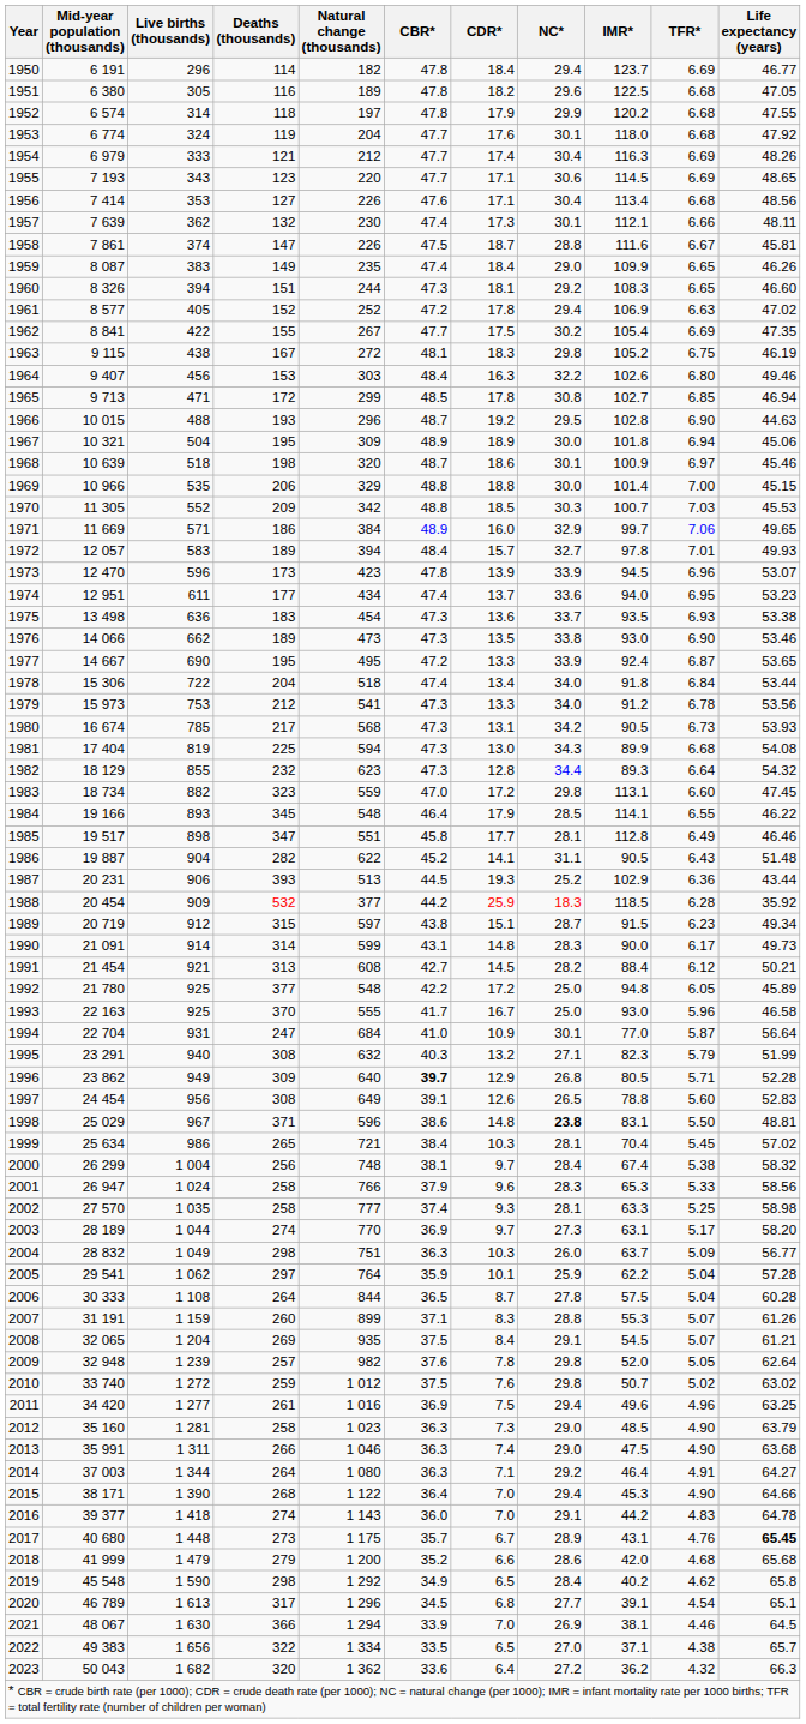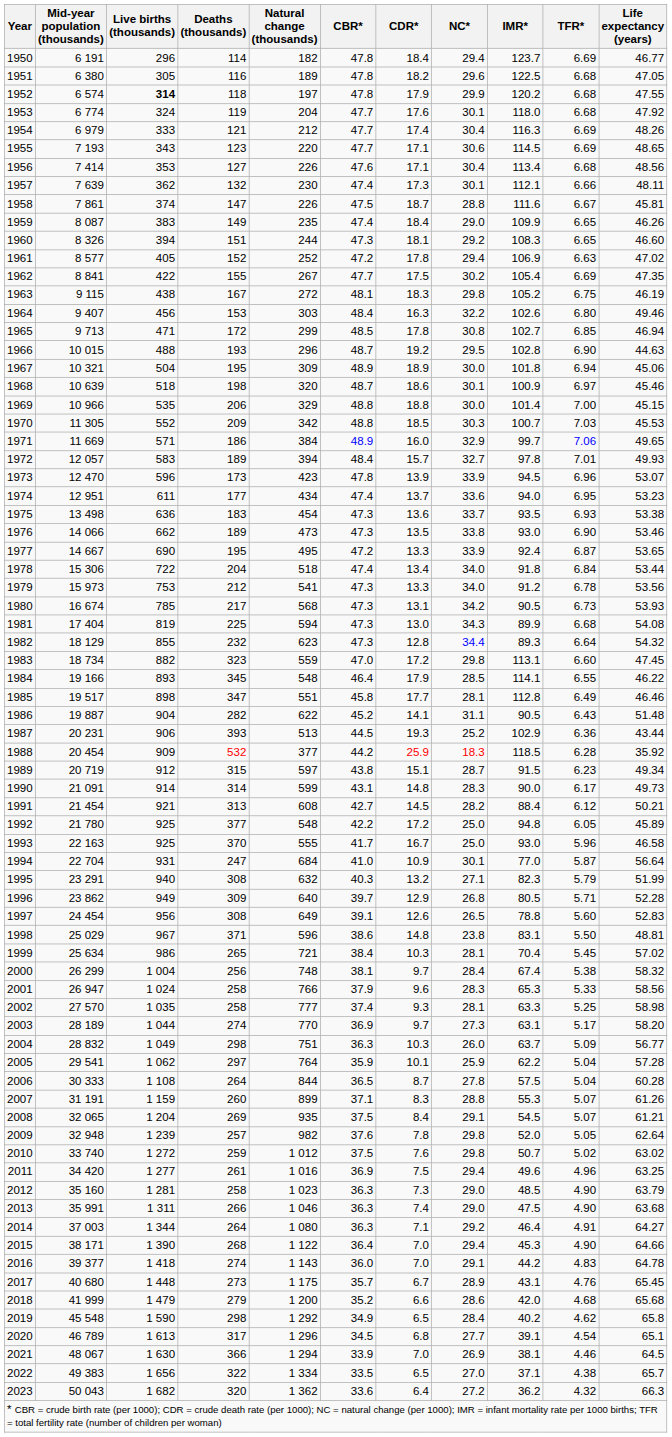 <table class="wikitable sortable" style="text-align: right;">
 <tr>
 <th width="20pt">Year</th>
 <th width="70pt">Mid-year population (thousands)</th>
 <th width="70pt">Live births (thousands)</th>
 <th width="70pt">Deaths (thousands)</th>
 <th width="70pt">Natural change (thousands)</th>
 <th width="70pt">CBR*</th>
 <th width="70pt">CDR*</th>
 <th width="70pt">NC*</th>
 <th width="70pt">IMR*</th>
 <th width="70pt">TFR*</th>
 <th width="70pt">Life expectancy (years)</th>
 </tr>
 <tr>
 <td>1950</td>
 <td>6 191</td>
 <td>   296</td>
 <td>   114</td>
 <td>   182</td>
 <td>47.8</td>
 <td>18.4</td>
 <td>29.4</td>
 <td>123.7</td>
 <td>6.69</td>
 <td>46.77</td>
 </tr>
 <tr>
 <td>1951</td>
 <td>  6 380</td>
 <td>  305</td>
 <td>  116</td>
 <td>  189</td>
 <td>47.8</td>
 <td>18.2</td>
 <td>29.6</td>
 <td>122.5</td>
 <td>6.68</td>
 <td>47.05</td>
 </tr>
 <tr>
 <td>1952</td>
 <td>  6 574</td>
-<td>  314</td>
+<td><strong>  314</strong></td>
 <td>  118</td>
 <td>  197</td>
 <td>47.8</td>
 <td>17.9</td>
 <td>29.9</td>
 <td>120.2</td>
 <td>6.68</td>
 <td>47.55</td>
 </tr>
 <tr>
 <td>1953</td>
 <td>  6 774</td>
 <td>  324</td>
 <td>  119</td>
 <td>  204</td>
 <td>47.7</td>
 <td>17.6</td>
 <td>30.1</td>
 <td>118.0</td>
 <td>6.68</td>
 <td>47.92</td>
 </tr>
 <tr>
 <td>1954</td>
 <td>  6 979</td>
 <td>  333</td>
 <td>  121</td>
 <td>  212</td>
 <td>47.7</td>
 <td>17.4</td>
 <td>30.4</td>
 <td>116.3</td>
 <td>6.69</td>
 <td>48.26</td>
 </tr>
 <tr>
 <td>1955</td>
 <td>  7 193</td>
 <td>  343</td>
 <td>  123</td>
 <td>  220</td>
 <td>47.7</td>
 <td>17.1</td>
 <td>30.6</td>
 <td>114.5</td>
 <td>6.69</td>
 <td>48.65</td>
 </tr>
 <tr>
 <td>1956</td>
 <td>  7 414</td>
 <td>  353</td>
 <td>  127</td>
 <td>  226</td>
 <td>47.6</td>
 <td>17.1</td>
 <td>30.4</td>
 <td>113.4</td>
 <td>6.68</td>
 <td>48.56</td>
 </tr>
 <tr>
 <td>1957</td>
 <td>  7 639</td>
 <td>  362</td>
 <td>  132</td>
 <td>  230</td>
 <td>47.4</td>
 <td>17.3</td>
 <td>30.1</td>
 <td>112.1</td>
 <td>6.66</td>
 <td>48.11</td>
 </tr>
 <tr>
 <td>1958</td>
 <td>  7 861</td>
 <td>  374</td>
 <td>  147</td>
 <td>  226</td>
 <td>47.5</td>
 <td>18.7</td>
 <td>28.8</td>
 <td>111.6</td>
 <td>6.67</td>
 <td>45.81</td>
 </tr>
 <tr>
 <td>1959</td>
 <td>  8 087</td>
 <td>  383</td>
 <td>  149</td>
 <td>  235</td>
 <td>47.4</td>
 <td>18.4</td>
 <td>29.0</td>
 <td>109.9</td>
 <td>6.65</td>
 <td>46.26</td>
 </tr>
 <tr>
 <td>1960</td>
 <td>  8 326</td>
 <td>  394</td>
 <td>  151</td>
 <td>  244</td>
 <td>47.3</td>
 <td>18.1</td>
 <td>29.2</td>
 <td>108.3</td>
 <td>6.65</td>
 <td>46.60</td>
 </tr>
 <tr>
 <td>1961</td>
 <td>  8 577</td>
 <td>  405</td>
 <td>  152</td>
 <td>  252</td>
 <td>47.2</td>
 <td>17.8</td>
 <td>29.4</td>
 <td>106.9</td>
 <td>6.63</td>
 <td>47.02</td>
 </tr>
 <tr>
 <td>1962</td>
 <td>  8 841</td>
 <td>  422</td>
 <td>  155</td>
 <td>  267</td>
 <td>47.7</td>
 <td>17.5</td>
 <td>30.2</td>
 <td>105.4</td>
 <td>6.69</td>
 <td>47.35</td>
 </tr>
 <tr>
 <td>1963</td>
 <td>  9 115</td>
 <td>  438</td>
 <td>  167</td>
 <td>  272</td>
 <td>48.1</td>
 <td>18.3</td>
 <td>29.8</td>
 <td>105.2</td>
 <td>6.75</td>
 <td>46.19</td>
 </tr>
 <tr>
 <td>1964</td>
 <td>  9 407</td>
 <td>  456</td>
 <td>  153</td>
 <td>  303</td>
 <td>48.4</td>
 <td>16.3</td>
 <td>32.2</td>
 <td>102.6</td>
 <td>6.80</td>
 <td>49.46</td>
 </tr>
 <tr>
 <td>1965</td>
 <td>  9 713</td>
 <td>  471</td>
 <td>  172</td>
 <td>  299</td>
 <td>48.5</td>
 <td>17.8</td>
 <td>30.8</td>
 <td>102.7</td>
 <td>6.85</td>
 <td>46.94</td>
 </tr>
 <tr>
 <td>1966</td>
 <td>  10 015</td>
 <td>  488</td>
 <td>  193</td>
 <td>  296</td>
 <td>48.7</td>
 <td>19.2</td>
 <td>29.5</td>
 <td>102.8</td>
 <td>6.90</td>
 <td>44.63</td>
 </tr>
 <tr>
 <td>1967</td>
 <td>  10 321</td>
 <td>  504</td>
 <td>  195</td>
 <td>  309</td>
 <td>48.9</td>
 <td>18.9</td>
 <td>30.0</td>
 <td>101.8</td>
 <td>6.94</td>
 <td>45.06</td>
 </tr>
 <tr>
 <td>1968</td>
 <td>  10 639</td>
 <td>  518</td>
 <td>  198</td>
 <td>  320</td>
 <td>48.7</td>
 <td>18.6</td>
 <td>30.1</td>
 <td>100.9</td>
 <td>6.97</td>
 <td>45.46</td>
 </tr>
 <tr>
 <td>1969</td>
 <td>  10 966</td>
 <td>  535</td>
 <td>  206</td>
 <td>  329</td>
 <td>48.8</td>
 <td>18.8</td>
 <td>30.0</td>
 <td>101.4</td>
 <td>7.00</td>
 <td>45.15</td>
 </tr>
 <tr>
 <td>1970</td>
 <td>  11 305</td>
 <td>  552</td>
 <td>  209</td>
 <td>  342</td>
 <td>48.8</td>
 <td>18.5</td>
 <td>30.3</td>
 <td>100.7</td>
 <td>7.03</td>
 <td>45.53</td>
 </tr>
 <tr>
 <td>1971</td>
 <td>  11 669</td>
 <td>  571</td>
 <td>  186</td>
 <td>  384</td>
 <td style="color: blue">48.9</td>
 <td>16.0</td>
 <td>32.9</td>
 <td>99.7</td>
 <td style="color: blue">7.06</td>
 <td>49.65</td>
 </tr>
 <tr>
 <td>1972</td>
 <td>  12 057</td>
 <td>  583</td>
 <td>  189</td>
 <td>  394</td>
 <td>48.4</td>
 <td>15.7</td>
 <td>32.7</td>
 <td>97.8</td>
 <td>7.01</td>
 <td>49.93</td>
 </tr>
 <tr>
 <td>1973</td>
 <td>  12 470</td>
 <td>  596</td>
 <td>  173</td>
 <td>  423</td>
 <td>47.8</td>
 <td>13.9</td>
 <td>33.9</td>
 <td>94.5</td>
 <td>6.96</td>
 <td>53.07</td>
 </tr>
 <tr>
 <td>1974</td>
 <td>  12 951</td>
 <td>  611</td>
 <td>  177</td>
 <td>  434</td>
 <td>47.4</td>
 <td>13.7</td>
 <td>33.6</td>
 <td>94.0</td>
 <td>6.95</td>
 <td>53.23</td>
 </tr>
 <tr>
 <td>1975</td>
 <td>  13 498</td>
 <td>  636</td>
 <td>  183</td>
 <td>  454</td>
 <td>47.3</td>
 <td>13.6</td>
 <td>33.7</td>
 <td>93.5</td>
 <td>6.93</td>
 <td>53.38</td>
 </tr>
 <tr>
 <td>1976</td>
 <td>  14 066</td>
 <td>  662</td>
 <td>  189</td>
 <td>  473</td>
 <td>47.3</td>
 <td>13.5</td>
 <td>33.8</td>
 <td>93.0</td>
 <td>6.90</td>
 <td>53.46</td>
 </tr>
 <tr>
 <td>1977</td>
 <td>  14 667</td>
 <td>  690</td>
 <td>  195</td>
 <td>  495</td>
 <td>47.2</td>
 <td>13.3</td>
 <td>33.9</td>
 <td>92.4</td>
 <td>6.87</td>
 <td>53.65</td>
 </tr>
 <tr>
 <td>1978</td>
 <td>  15 306</td>
 <td>  722</td>
 <td>  204</td>
 <td>  518</td>
 <td>47.4</td>
 <td>13.4</td>
 <td>34.0</td>
 <td>91.8</td>
 <td>6.84</td>
 <td>53.44</td>
 </tr>
 <tr>
 <td>1979</td>
 <td>  15 973</td>
 <td>  753</td>
 <td>  212</td>
 <td>  541</td>
 <td>47.3</td>
 <td>13.3</td>
 <td>34.0</td>
 <td>91.2</td>
 <td>6.78</td>
 <td>53.56</td>
 </tr>
 <tr>
 <td>1980</td>
 <td>  16 674</td>
 <td>  785</td>
 <td>  217</td>
 <td>  568</td>
 <td>47.3</td>
 <td>13.1</td>
 <td>34.2</td>
 <td>90.5</td>
 <td>6.73</td>
 <td>53.93</td>
 </tr>
 <tr>
 <td>1981</td>
 <td>  17 404</td>
 <td>  819</td>
 <td>  225</td>
 <td>  594</td>
 <td>47.3</td>
 <td>13.0</td>
 <td>34.3</td>
 <td>89.9</td>
 <td>6.68</td>
 <td>54.08</td>
 </tr>
 <tr>
 <td>1982</td>
 <td>  18 129</td>
 <td>  855</td>
 <td>  232</td>
 <td>  623</td>
 <td>47.3</td>
 <td>12.8</td>
 <td style="color: blue">34.4</td>
 <td>89.3</td>
 <td>6.64</td>
 <td>54.32</td>
 </tr>
 <tr>
 <td>1983</td>
 <td>  18 734</td>
 <td>  882</td>
 <td>  323</td>
 <td>  559</td>
 <td>47.0</td>
 <td>17.2</td>
 <td>29.8</td>
 <td>113.1</td>
 <td>6.60</td>
 <td>47.45</td>
 </tr>
 <tr>
 <td>1984</td>
 <td>  19 166</td>
 <td>  893</td>
 <td>  345</td>
 <td>  548</td>
 <td>46.4</td>
 <td>17.9</td>
 <td>28.5</td>
 <td>114.1</td>
 <td>6.55</td>
 <td>46.22</td>
 </tr>
 <tr>
 <td>1985</td>
 <td>  19 517</td>
 <td>  898</td>
 <td>  347</td>
 <td>  551</td>
 <td>45.8</td>
 <td>17.7</td>
 <td>28.1</td>
 <td>112.8</td>
 <td>6.49</td>
 <td>46.46</td>
 </tr>
 <tr>
 <td>1986</td>
 <td>  19 887</td>
 <td>  904</td>
 <td>  282</td>
 <td>  622</td>
 <td>45.2</td>
 <td>14.1</td>
 <td>31.1</td>
 <td>90.5</td>
 <td>6.43</td>
 <td>51.48</td>
 </tr>
 <tr>
 <td>1987</td>
 <td>  20 231</td>
 <td>  906</td>
 <td>  393</td>
 <td>  513</td>
 <td>44.5</td>
 <td>19.3</td>
 <td>25.2</td>
 <td>102.9</td>
 <td>6.36</td>
 <td>43.44</td>
 </tr>
 <tr>
 <td>1988</td>
 <td>  20 454</td>
 <td>  909</td>
 <td style="color:red;">  532</td>
 <td>  377</td>
 <td>44.2</td>
 <td style="color: red">25.9</td>
 <td style="color: red">18.3</td>
 <td>118.5</td>
 <td>6.28</td>
 <td>35.92</td>
 </tr>
 <tr>
 <td>1989</td>
 <td>  20 719</td>
 <td>  912</td>
 <td>  315</td>
 <td>  597</td>
 <td>43.8</td>
 <td>15.1</td>
 <td>28.7</td>
 <td>91.5</td>
 <td>6.23</td>
 <td>49.34</td>
 </tr>
 <tr>
 <td>1990</td>
 <td>  21 091</td>
 <td>  914</td>
 <td>  314</td>
 <td>  599</td>
 <td>43.1</td>
 <td>14.8</td>
 <td>28.3</td>
 <td>90.0</td>
 <td>6.17</td>
 <td>49.73</td>
 </tr>
 <tr>
 <td>1991</td>
 <td>  21 454</td>
 <td>  921</td>
 <td>  313</td>
 <td>  608</td>
 <td>42.7</td>
 <td>14.5</td>
 <td>28.2</td>
 <td>88.4</td>
 <td>6.12</td>
 <td>50.21</td>
 </tr>
 <tr>
 <td>1992</td>
 <td>  21 780</td>
 <td>  925</td>
 <td>  377</td>
 <td>  548</td>
 <td>42.2</td>
 <td>17.2</td>
 <td>25.0</td>
 <td>94.8</td>
 <td>6.05</td>
 <td>45.89</td>
 </tr>
 <tr>
 <td>1993</td>
 <td>  22 163</td>
 <td>  925</td>
 <td>  370</td>
 <td>  555</td>
 <td>41.7</td>
 <td>16.7</td>
 <td>25.0</td>
 <td>93.0</td>
 <td>5.96</td>
 <td>46.58</td>
 </tr>
 <tr>
 <td>1994</td>
 <td>  22 704</td>
 <td>  931</td>
 <td>  247</td>
 <td>  684</td>
 <td>41.0</td>
 <td>10.9</td>
 <td>30.1</td>
 <td>77.0</td>
 <td>5.87</td>
 <td>56.64</td>
 </tr>
 <tr>
 <td>1995</td>
 <td>  23 291</td>
 <td>  940</td>
 <td>  308</td>
 <td>  632</td>
 <td>40.3</td>
 <td>13.2</td>
 <td>27.1</td>
 <td>82.3</td>
 <td>5.79</td>
 <td>51.99</td>
 </tr>
 <tr>
 <td>1996</td>
 <td>  23 862</td>
 <td>  949</td>
 <td>  309</td>
 <td>  640</td>
-<td><strong>39.7</strong></td>
+<td>39.7</td>
 <td>12.9</td>
 <td>26.8</td>
 <td>80.5</td>
 <td>5.71</td>
 <td>52.28</td>
 </tr>
 <tr>
 <td>1997</td>
 <td>  24 454</td>
 <td>  956</td>
 <td>  308</td>
 <td>  649</td>
 <td>39.1</td>
 <td>12.6</td>
 <td>26.5</td>
 <td>78.8</td>
 <td>5.60</td>
 <td>52.83</td>
 </tr>
 <tr>
 <td>1998</td>
 <td>  25 029</td>
 <td>  967</td>
 <td>  371</td>
 <td>  596</td>
 <td>38.6</td>
 <td>14.8</td>
-<td><strong>23.8</strong></td>
+<td>23.8</td>
 <td>83.1</td>
 <td>5.50</td>
 <td>48.81</td>
 </tr>
 <tr>
 <td>1999</td>
 <td>  25 634</td>
 <td>  986</td>
 <td>  265</td>
 <td>  721</td>
 <td>38.4</td>
 <td>10.3</td>
 <td>28.1</td>
 <td>70.4</td>
 <td>5.45</td>
 <td>57.02</td>
 </tr>
 <tr>
 <td>2000</td>
 <td>  26 299</td>
 <td>  1 004</td>
 <td>  256</td>
 <td>  748</td>
 <td>38.1</td>
 <td>9.7</td>
 <td>28.4</td>
 <td>67.4</td>
 <td>5.38</td>
 <td>58.32</td>
 </tr>
 <tr>
 <td>2001</td>
 <td>  26 947</td>
 <td>  1 024</td>
 <td>  258</td>
 <td>  766</td>
 <td>37.9</td>
 <td>9.6</td>
 <td>28.3</td>
 <td>65.3</td>
 <td>5.33</td>
 <td>58.56</td>
 </tr>
 <tr>
 <td>2002</td>
 <td>  27 570</td>
 <td>  1 035</td>
 <td>  258</td>
 <td>  777</td>
 <td>37.4</td>
 <td>9.3</td>
 <td>28.1</td>
 <td>63.3</td>
 <td>5.25</td>
 <td>58.98</td>
 </tr>
 <tr>
 <td>2003</td>
 <td>  28 189</td>
 <td>  1 044</td>
 <td>  274</td>
 <td>  770</td>
 <td>36.9</td>
 <td>9.7</td>
 <td>27.3</td>
 <td>63.1</td>
 <td>5.17</td>
 <td>58.20</td>
 </tr>
 <tr>
 <td>2004</td>
 <td>  28 832</td>
 <td>  1 049</td>
 <td>  298</td>
 <td>  751</td>
 <td>36.3</td>
 <td>10.3</td>
 <td>26.0</td>
 <td>63.7</td>
 <td>5.09</td>
 <td>56.77</td>
 </tr>
 <tr>
 <td>2005</td>
 <td>  29 541</td>
 <td>  1 062</td>
 <td>  297</td>
 <td>  764</td>
 <td>35.9</td>
 <td>10.1</td>
 <td>25.9</td>
 <td>62.2</td>
 <td>5.04</td>
 <td>57.28</td>
 </tr>
 <tr>
 <td>2006</td>
 <td>  30 333</td>
 <td>  1 108</td>
 <td>  264</td>
 <td>  844</td>
 <td>36.5</td>
 <td>8.7</td>
 <td>27.8</td>
 <td>57.5</td>
 <td>5.04</td>
 <td>60.28</td>
 </tr>
 <tr>
 <td>2007</td>
 <td>  31 191</td>
 <td>  1 159</td>
 <td>  260</td>
 <td>  899</td>
 <td>37.1</td>
 <td>8.3</td>
 <td>28.8</td>
 <td>55.3</td>
 <td>5.07</td>
 <td>61.26</td>
 </tr>
 <tr>
 <td>2008</td>
 <td>  32 065</td>
 <td>  1 204</td>
 <td>  269</td>
 <td>  935</td>
 <td>37.5</td>
 <td>8.4</td>
 <td>29.1</td>
 <td>54.5</td>
 <td>5.07</td>
 <td>61.21</td>
 </tr>
 <tr>
 <td>2009</td>
 <td>  32 948</td>
 <td>  1 239</td>
 <td>  257</td>
 <td>  982</td>
 <td>37.6</td>
 <td>7.8</td>
 <td>29.8</td>
 <td>52.0</td>
 <td>5.05</td>
 <td>62.64</td>
 </tr>
 <tr>
 <td>2010</td>
 <td>  33 740</td>
 <td>  1 272</td>
 <td>  259</td>
 <td>  1 012</td>
 <td>37.5</td>
 <td>7.6</td>
 <td>29.8</td>
 <td>50.7</td>
 <td>5.02</td>
 <td>63.02</td>
 </tr>
 <tr>
 <td>2011</td>
 <td>  34 420</td>
 <td>  1 277</td>
 <td>  261</td>
 <td>  1 016</td>
 <td>36.9</td>
 <td>7.5</td>
 <td>29.4</td>
 <td>49.6</td>
 <td>4.96</td>
 <td>63.25</td>
 </tr>
 <tr>
 <td>2012</td>
 <td>  35 160</td>
 <td>  1 281</td>
 <td>  258</td>
 <td>  1 023</td>
 <td>36.3</td>
 <td>7.3</td>
 <td>29.0</td>
 <td>48.5</td>
 <td>4.90</td>
 <td>63.79</td>
 </tr>
 <tr>
 <td>2013</td>
 <td>  35 991</td>
 <td>  1 311</td>
 <td>  266</td>
 <td>  1 046</td>
 <td>36.3</td>
 <td>7.4</td>
 <td>29.0</td>
 <td>47.5</td>
 <td>4.90</td>
 <td>63.68</td>
 </tr>
 <tr>
 <td>2014</td>
 <td>  37 003</td>
 <td>  1 344</td>
 <td>  264</td>
 <td>  1 080</td>
 <td>36.3</td>
 <td>7.1</td>
 <td>29.2</td>
 <td>46.4</td>
 <td>4.91</td>
 <td>64.27</td>
 </tr>
 <tr>
 <td>2015</td>
 <td>  38 171</td>
 <td>  1 390</td>
 <td>  268</td>
 <td>  1 122</td>
 <td>36.4</td>
 <td>7.0</td>
 <td>29.4</td>
 <td>45.3</td>
 <td>4.90</td>
 <td>64.66</td>
 </tr>
 <tr>
 <td>2016</td>
 <td>  39 377</td>
 <td>  1 418</td>
 <td>  274</td>
 <td>  1 143</td>
 <td>36.0</td>
 <td>7.0</td>
 <td>29.1</td>
 <td>44.2</td>
 <td>4.83</td>
 <td>64.78</td>
 </tr>
 <tr>
 <td>2017</td>
 <td>  40 680</td>
 <td>  1 448</td>
 <td>  273</td>
 <td>  1 175</td>
 <td>35.7</td>
 <td>6.7</td>
 <td>28.9</td>
 <td>43.1</td>
 <td>4.76</td>
-<td><strong>65.45</strong></td>
+<td>65.45</td>
 </tr>
 <tr>
 <td>2018</td>
 <td>  41 999</td>
 <td>  1 479</td>
 <td>  279</td>
 <td>  1 200</td>
 <td>35.2</td>
 <td>6.6</td>
 <td>28.6</td>
 <td>42.0</td>
 <td>4.68</td>
 <td>65.68</td>
 </tr>
 <tr>
 <td>2019</td>
 <td>  45 548</td>
 <td>  1 590</td>
 <td>  298</td>
 <td>  1 292</td>
 <td>34.9</td>
 <td>6.5</td>
 <td>28.4</td>
 <td>40.2</td>
 <td>4.62</td>
 <td>65.8</td>
 </tr>
 <tr>
 <td>2020</td>
 <td>  46 789</td>
 <td>  1 613</td>
 <td>  317</td>
 <td>  1 296</td>
 <td>34.5</td>
 <td>6.8</td>
 <td>27.7</td>
 <td>39.1</td>
 <td>4.54</td>
 <td>65.1</td>
 </tr>
 <tr>
 <td>2021</td>
 <td>  48 067</td>
 <td>  1 630</td>
 <td>  366</td>
 <td>  1 294</td>
 <td>33.9</td>
 <td>7.0</td>
 <td>26.9</td>
 <td>38.1</td>
 <td>4.46</td>
 <td>64.5</td>
 </tr>
 <tr>
 <td>2022</td>
 <td>  49 383</td>
 <td>  1 656</td>
 <td>  322</td>
 <td>  1 334</td>
 <td>33.5</td>
 <td>6.5</td>
 <td>27.0</td>
 <td>37.1</td>
 <td>4.38</td>
 <td>65.7</td>
 </tr>
 <tr>
 <td>2023</td>
 <td>  50 043</td>
 <td>  1 682</td>
 <td>  320</td>
 <td>  1 362</td>
 <td>33.6</td>
 <td>6.4</td>
 <td>27.2</td>
 <td>36.2</td>
 <td>4.32</td>
 <td>66.3</td>
 </tr>
 <tr>
 <td colspan="11" align="left">* <small> CBR = crude birth rate (per 1000); CDR = crude death rate (per 1000); NC = natural change (per 1000); IMR = infant mortality rate per 1000 births; TFR = total fertility rate (number of children per woman)</small></td>
 </tr>
 </table>
